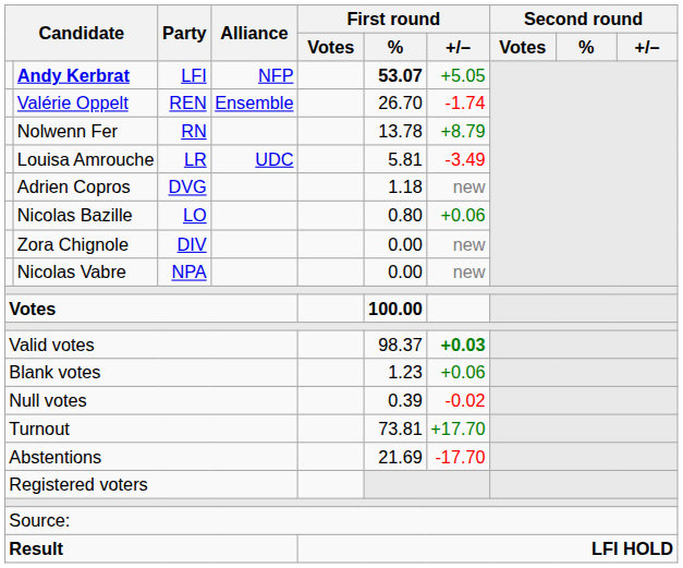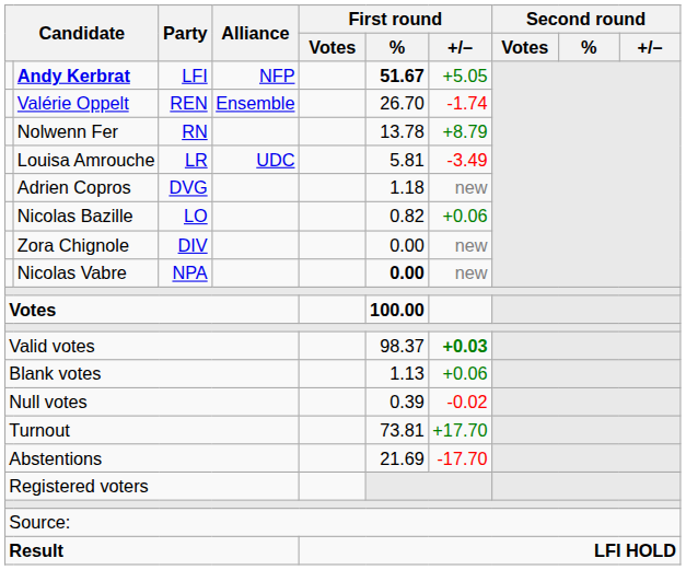 <table class="wikitable" style="text-align:right;font-size:95%;">
 <tr>
 <th rowspan="2" colspan="2">Candidate</th>
 <th colspan="1" rowspan="2">Party</th>
 <th colspan="1" rowspan="2">Alliance</th>
 <th colspan="3">First round</th>
 <th colspan="3">Second round</th>
 </tr>
 <tr>
 <th style="width:50px;">Votes</th>
 <th style="width:45px;">%</th>
 <th style="width:45px;">+/–</th>
 <th style="width:50px;">Votes</th>
 <th style="width:45px;">%</th>
 <th style="width:45px;">+/–</th>
 </tr>
 <tr>
 <td style="color:inherit;background:"></td>
 <td style="text-align:left;"><strong><a href='#'>Andy Kerbrat</a></strong></td>
 <td><a href='#'>LFI</a></td>
 <td><a href='#'>NFP</a></td>
 <td><strong></strong></td>
-<td><strong>53.07</strong></td>
+<td><strong>51.67</strong></td>
 <td style="color:green;">+5.05</td>
 <td colspan="3" rowspan="8" style="background:#E9E9E9;"></td>
 </tr>
 <tr>
 <td style="color:inherit;background:"></td>
 <td style="text-align:left;"><a href='#'>Valérie Oppelt</a></td>
 <td><a href='#'>REN</a></td>
 <td><a href='#'>Ensemble</a></td>
 <td></td>
 <td>26.70</td>
 <td style="color:red;">-1.74</td>
 </tr>
 <tr>
 <td style="color:inherit;background:"></td>
 <td style="text-align:left;">Nolwenn Fer</td>
 <td><a href='#'>RN</a></td>
 <td></td>
 <td></td>
 <td>13.78</td>
 <td style="color:green;">+8.79</td>
 </tr>
 <tr>
 <td style="color:inherit;background:"></td>
 <td style="text-align:left;">Louisa Amrouche</td>
 <td><a href='#'>LR</a></td>
 <td><a href='#'>UDC</a></td>
 <td></td>
 <td>5.81</td>
 <td style="color:red;">-3.49</td>
 </tr>
 <tr>
 <td style="color:inherit;background:"></td>
 <td style="text-align:left;">Adrien Copros</td>
 <td><a href='#'>DVG</a></td>
 <td></td>
 <td></td>
 <td>1.18</td>
 <td style="color:grey;">new</td>
 </tr>
 <tr>
 <td style="color:inherit;background:"></td>
 <td style="text-align:left;">Nicolas Bazille</td>
 <td><a href='#'>LO</a></td>
 <td></td>
 <td></td>
-<td>0.80</td>
+<td>0.82</td>
 <td style="color:green;">+0.06</td>
 </tr>
 <tr>
 <td style="color:inherit;background:"></td>
 <td style="text-align:left;">Zora Chignole</td>
 <td><a href='#'>DIV</a></td>
 <td></td>
 <td></td>
 <td>0.00</td>
 <td style="color:grey;">new</td>
 </tr>
 <tr>
 <td style="color:inherit;background:"></td>
 <td style="text-align:left;">Nicolas Vabre</td>
 <td><a href='#'>NPA</a></td>
 <td></td>
 <td></td>
-<td>0.00</td>
+<td><strong>0.00</strong></td>
 <td style="color:grey;">new</td>
 </tr>
 <tr>
 <td colspan="10" style="background:#E9E9E9;"></td>
 </tr>
 <tr style="font-weight:bold;">
 <td colspan="4" style="text-align:left;">Votes</td>
 <td></td>
 <td>100.00</td>
 <td></td>
 <td colspan="3" rowspan="1" style="background:#E9E9E9;"></td>
 </tr>
 <tr>
 <td colspan="10" style="background:#E9E9E9;"></td>
 </tr>
 <tr>
 <td colspan="4" style="text-align:left;">Valid votes</td>
 <td></td>
 <td>98.37</td>
 <td style="color:green;"><strong>+0.03</strong></td>
 <td colspan="3" rowspan="1" style="background:#E9E9E9;"></td>
 </tr>
 <tr>
 <td colspan="4" style="text-align:left;">Blank votes</td>
 <td></td>
-<td>1.23</td>
+<td>1.13</td>
 <td style="color:green;">+0.06</td>
 <td colspan="3" rowspan="1" style="background:#E9E9E9;"></td>
 </tr>
 <tr>
 <td colspan="4" style="text-align:left;">Null votes</td>
 <td></td>
 <td>0.39</td>
 <td style="color:red;">-0.02</td>
 <td colspan="3" rowspan="1" style="background:#E9E9E9;"></td>
 </tr>
 <tr>
 <td colspan="4" style="text-align:left;">Turnout</td>
 <td></td>
 <td>73.81</td>
 <td style="color:green;">+17.70</td>
 <td colspan="3" rowspan="1" style="background:#E9E9E9;"></td>
 </tr>
 <tr>
 <td colspan="4" style="text-align:left;">Abstentions</td>
 <td></td>
 <td>21.69</td>
 <td style="color:red;">-17.70</td>
 <td colspan="3" rowspan="1" style="background:#E9E9E9;"></td>
 </tr>
 <tr>
 <td colspan="4" style="text-align:left;">Registered voters</td>
 <td></td>
 <td colspan="2" style="background:#E9E9E9;"></td>
 <td colspan="3" rowspan="1" style="background:#E9E9E9;"></td>
 </tr>
 <tr>
 <td colspan="10" style="background:#E9E9E9;"></td>
 </tr>
 <tr>
 <td colspan="10" style="text-align:left;">Source: </td>
 </tr>
 <tr style="font-weight:bold">
 <td colspan="4" style="text-align:left;">Result</td>
 <td colspan="6" style="background-color:">LFI HOLD</td>
 </tr>
 </table>
